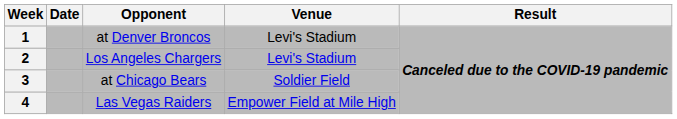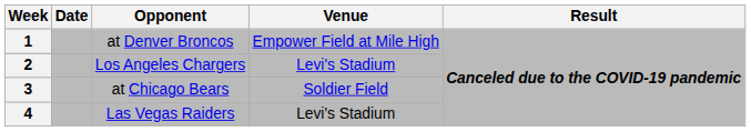 <table class="wikitable" style="text-align:center">
 <tr>
 <th>Week</th>
 <th>Date</th>
 <th>Opponent</th>
 <th>Venue</th>
 <th>Result</th>
 </tr>
 <tr style="background:#bababa">
 <th>1</th>
 <td></td>
 <td>at <a href='#'>Denver Broncos</a></td>
-<td>Levi's Stadium</td>
+<td><a href='#'>Empower Field at Mile High</a></td>
 <td rowspan=4><strong><em>Canceled due to the COVID-19 pandemic</em></strong></td>
 </tr>
 <tr style="background:#bababa">
 <th>2</th>
 <td></td>
 <td><a href='#'>Los Angeles Chargers</a></td>
 <td><a href='#'>Levi's Stadium</a></td>
 </tr>
 <tr style="background:#bababa">
 <th>3</th>
 <td></td>
 <td>at <a href='#'>Chicago Bears</a></td>
 <td><a href='#'>Soldier Field</a></td>
 </tr>
 <tr style="background:#bababa">
 <th>4</th>
 <td></td>
 <td><a href='#'>Las Vegas Raiders</a></td>
-<td><a href='#'>Empower Field at Mile High</a></td>
+<td>Levi's Stadium</td>
 </tr>
 </table>
